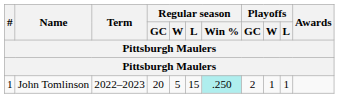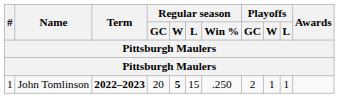 <table class="wikitable" style="text-align:center">
 <tr>
 <th rowspan="2">#</th>
 <th rowspan="2">Name</th>
 <th rowspan="2">Term</th>
 <th colspan="4">Regular season</th>
 <th colspan="3">Playoffs</th>
 <th rowspan="2">Awards</th>
 </tr>
 <tr>
 <th>GC</th>
 <th>W</th>
 <th>L</th>
 <th>Win %</th>
 <th>GC</th>
 <th>W</th>
 <th>L</th>
 </tr>
 <tr>
 <th colspan="11">Pittsburgh Maulers</th>
 </tr>
 <tr>
 <th colspan="11">Pittsburgh Maulers</th>
 </tr>
 <tr>
 <td>1</td>
 <td>John Tomlinson</td>
-<td>2022–2023</td>
+<td><strong>2022–2023</strong></td>
 <td>20</td>
-<td>5</td>
+<td><strong>5</strong></td>
 <td>15</td>
-<td style="background: paleturquoise;">.250</td>
+<td>.250</td>
 <td>2</td>
 <td>1</td>
 <td>1</td>
 <td></td>
 </tr>
 </table>
